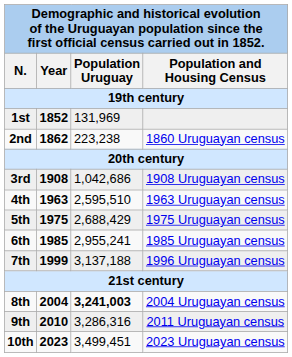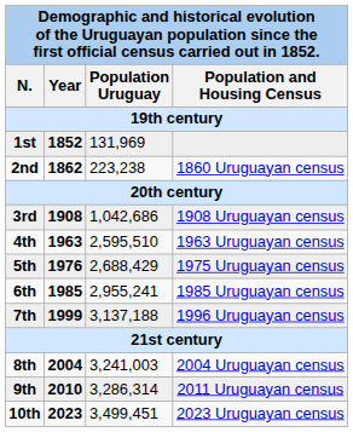 <table class="wikitable">
 <tr>
 <th colspan= "4" style="text-align:center; background:#abcdef;">Demographic and historical evolution <br>of the Uruguayan population since the <br> first official census carried out in 1852.</th>
 </tr>
 <tr>
 <th>N.</th>
 <th>Year</th>
 <th>Population<br>Uruguay</th>
 <th>Population and <br> Housing Census</th>
 </tr>
 <tr align="center">
 <td colspan="4" style="background:#D0E7FF"><strong>19th century</strong></td>
 </tr>
 <tr align="center" style="background:#efefef; color:black">
 <td><strong>1st</strong></td>
 <td><strong>1852</strong></td>
 <td align="left"> 131,969</td>
 <td></td>
 </tr>
 <tr align="center">
 <td><strong>2nd</strong></td>
 <td><strong>1862</strong></td>
 <td align="left"> 223,238</td>
 <td><a href='#'>1860 Uruguayan census</a></td>
 </tr>
 <tr align="center">
 <td colspan="4" style="background:#D0E7FF"><strong>20th century</strong></td>
 </tr>
 <tr align="center" style="background:#efefef; color:black">
 <td><strong>3rd</strong></td>
 <td><strong>1908</strong></td>
 <td align="left"> 1,042,686</td>
 <td><a href='#'>1908 Uruguayan census</a></td>
 </tr>
 <tr align="center">
 <td><strong>4th</strong></td>
 <td><strong>1963</strong></td>
 <td align="left"> 2,595,510</td>
 <td><a href='#'>1963 Uruguayan census</a></td>
 </tr>
 <tr align="center" style="background:#efefef; color:black">
 <td><strong>5th</strong></td>
-<td><strong>1975</strong></td>
+<td><strong>1976</strong></td>
 <td align="left"> 2,688,429</td>
 <td><a href='#'>1975 Uruguayan census</a></td>
 </tr>
 <tr align="center">
 <td><strong>6th</strong></td>
 <td><strong>1985</strong></td>
 <td align="left"> 2,955,241</td>
 <td><a href='#'>1985 Uruguayan census</a></td>
 </tr>
 <tr align="center" style="background:#efefef; color:black">
 <td><strong>7th</strong></td>
 <td><strong>1999</strong></td>
 <td align="left"> 3,137,188</td>
 <td><a href='#'>1996 Uruguayan census</a></td>
 </tr>
 <tr align="center">
 <td colspan="4" style="background:#D0E7FF"><strong>21st century</strong></td>
 </tr>
 <tr align="center">
 <td><strong>8th</strong></td>
 <td><strong>2004</strong></td>
-<td align="left"><strong> 3,241,003</strong></td>
+<td align="left"> 3,241,003</td>
 <td><a href='#'>2004 Uruguayan census</a></td>
 </tr>
 <tr align="center" style="background:#efefef; color:black">
 <td><strong>9th</strong></td>
 <td><strong>2010</strong></td>
-<td align="left"> 3,286,316</td>
+<td align="left"> 3,286,314</td>
 <td><a href='#'>2011 Uruguayan census</a></td>
 </tr>
 <tr align="center">
 <td><strong>10th</strong></td>
 <td><strong>2023</strong></td>
 <td align="left"> 3,499,451</td>
 <td><a href='#'>2023 Uruguayan census</a></td>
 </tr>
 </table>
